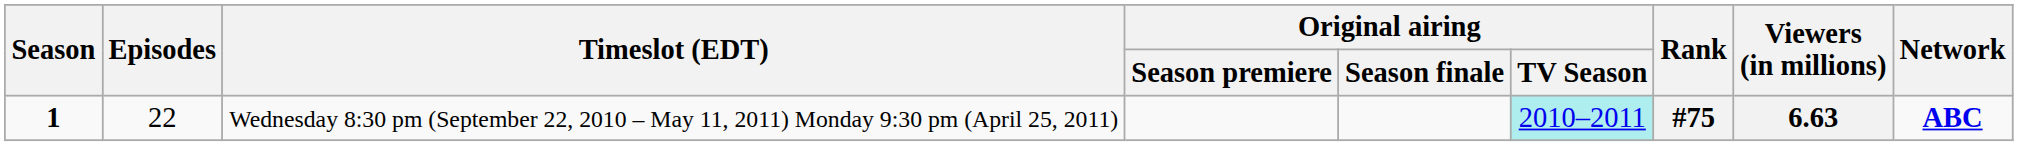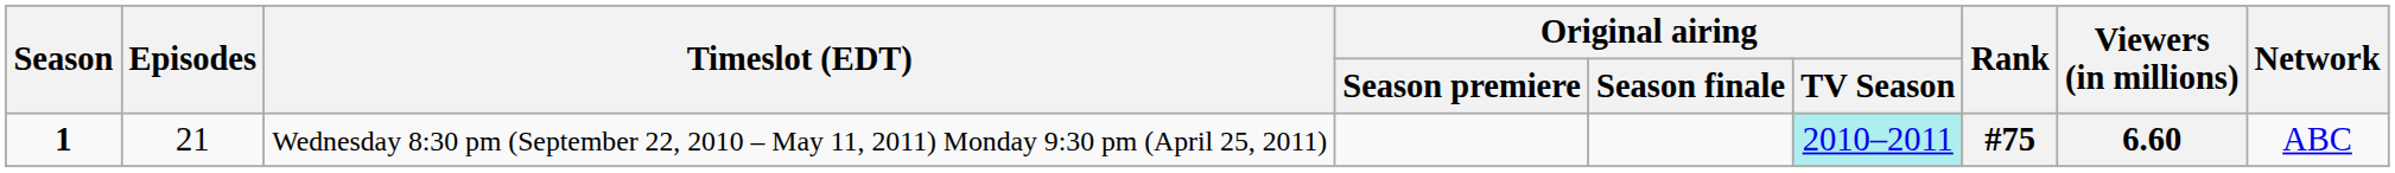 <table style="text-align:center;" class="wikitable">
 <tr>
 <th rowspan="2">Season</th>
 <th rowspan="2">Episodes</th>
 <th rowspan="2">Timeslot (EDT)</th>
 <th colspan="3">Original airing</th>
 <th rowspan="2">Rank</th>
 <th rowspan="2">Viewers<br>(in millions)<br></th>
 <th rowspan="2">Network</th>
 </tr>
 <tr>
 <th>Season premiere</th>
 <th>Season finale</th>
 <th>TV Season</th>
 </tr>
 <tr>
 <td><strong>1</strong></td>
-<td>22</td>
+<td>21</td>
 <td style="text-align:center"><small>Wednesday 8:30 pm (September 22, 2010 – May 11, 2011) Monday 9:30 pm (April 25, 2011)</small></td>
 <td></td>
 <td></td>
 <td style="background: paleturquoise;"><a href='#'>2010–2011</a></td>
 <th style="text-align:center">#75</th>
-<th style="text-align:center">6.63</th>
-<td style="text-align:center"><strong><a href='#'>ABC</a></strong></td>
+<th style="text-align:center">6.60</th>
+<td style="text-align:center"><a href='#'>ABC</a></td>
 </tr>
 </table>
